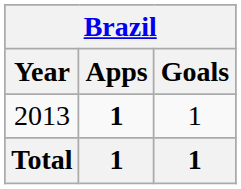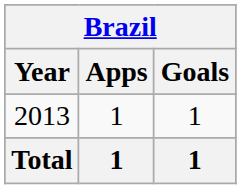 <table class="wikitable" style="text-align:center">
 <tr>
 <th colspan=3><a href='#'>Brazil</a></th>
 </tr>
 <tr>
 <th>Year</th>
 <th>Apps</th>
 <th>Goals</th>
 </tr>
 <tr>
 <td>2013</td>
-<td><strong>1</strong></td>
+<td>1</td>
 <td>1</td>
 </tr>
 <tr>
 <th>Total</th>
 <th>1</th>
 <th>1</th>
 </tr>
 </table>
